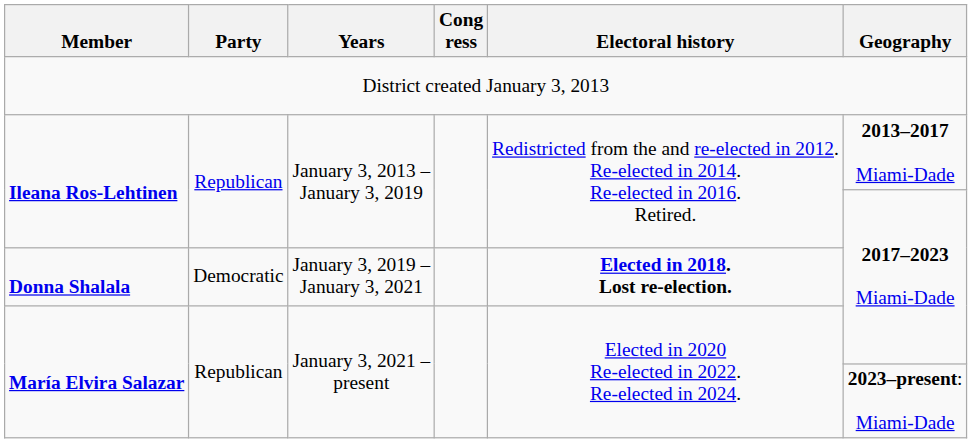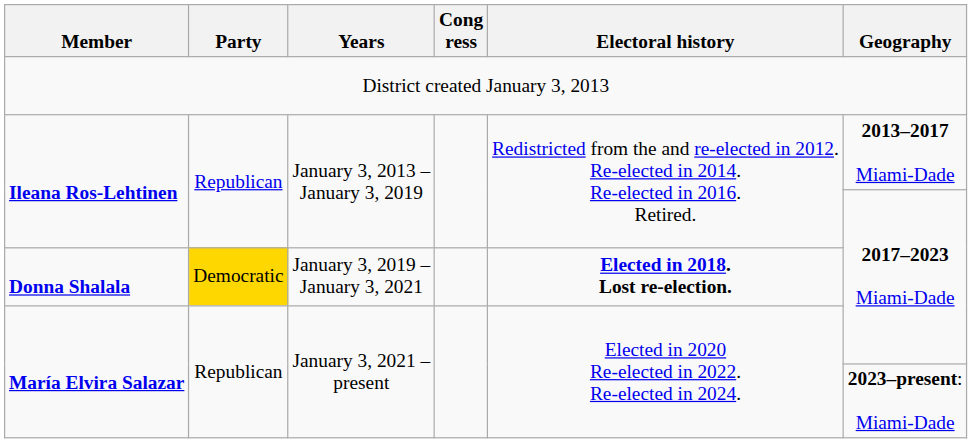 <table class=wikitable style="text-align:center">
 <tr valign=bottom>
 <th>Member</th>
 <th>Party</th>
 <th>Years</th>
 <th>Cong<br>ress</th>
 <th>Electoral history</th>
 <th>Geography</th>
 </tr>
 <tr style="height:3em">
 <td colspan=6>District created January 3, 2013</td>
 </tr>
 <tr style="height:3em">
 <td rowspan=2 align=left><br><strong><a href='#'>Ileana Ros-Lehtinen</a></strong><br></td>
 <td rowspan=2 ><a href='#'>Republican</a></td>
 <td rowspan=2 nowrap>January 3, 2013 –<br>January 3, 2019</td>
 <td rowspan=2></td>
 <td rowspan=2><a href='#'>Redistricted</a> from the  and <a href='#'>re-elected in 2012</a>.<br><a href='#'>Re-elected in 2014</a>.<br><a href='#'>Re-elected in 2016</a>.<br>Retired.</td>
 <td><strong>2013–2017</strong><br><br><a href='#'>Miami-Dade</a></td>
 </tr>
 <tr style="height:3em">
 <td rowspan=3><strong>2017–2023</strong><br><br><a href='#'>Miami-Dade</a></td>
 </tr>
 <tr style="height:3em">
 <td align=left><br><strong><a href='#'>Donna Shalala</a></strong><br></td>
-<td>Democratic</td>
+<td style="background: gold;">Democratic</td>
 <td nowrap>January 3, 2019 –<br>January 3, 2021</td>
 <td></td>
 <td><strong><a href='#'>Elected in 2018</a>.<br>Lost re-election.</strong></td>
 </tr>
 <tr style="height:3em">
 <td rowspan=2 align="left"><br><strong><a href='#'>María Elvira Salazar</a></strong><br></td>
 <td rowspan=2 >Republican</td>
 <td rowspan=2 nowrap>January 3, 2021 – <br>present</td>
 <td rowspan=2></td>
 <td rowspan=2><a href='#'>Elected in 2020</a><br><a href='#'>Re-elected in 2022</a>.<br><a href='#'>Re-elected in 2024</a>.</td>
 </tr>
 <tr style="height:3em">
 <td><strong>2023–present</strong>:<br><br><a href='#'>Miami-Dade</a></td>
 </tr>
 </table>
